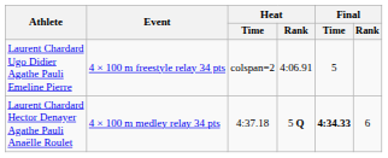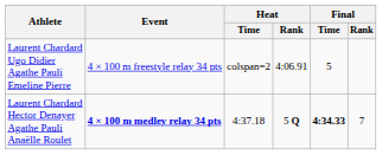 <table class=wikitable style=font-size:90%;text-align:center>
 <tr>
 <th rowspan=2>Athlete</th>
 <th rowspan=2>Event</th>
 <th colspan=2>Heat</th>
 <th colspan=2>Final</th>
 </tr>
 <tr style=font-size:95%>
 <th>Time</th>
 <th>Rank</th>
 <th>Time</th>
 <th>Rank</th>
 </tr>
 <tr align=center>
 <td align=left><a href='#'>Laurent Chardard</a><br><a href='#'>Ugo Didier</a><br><a href='#'>Agathe Pauli</a><br><a href='#'>Emeline Pierre</a></td>
 <td align=left><a href='#'>4 × 100 m freestyle relay 34 pts</a></td>
 <td>colspan=2 </td>
 <td>4:06.91</td>
 <td>5</td>
 </tr>
 <tr align=center>
 <td align=left><a href='#'>Laurent Chardard</a><br><a href='#'>Hector Denayer</a><br><a href='#'>Agathe Pauli</a><br><a href='#'>Anaëlle Roulet</a></td>
-<td align=left><a href='#'>4 × 100 m medley relay 34 pts</a></td>
+<td align=left><strong><a href='#'>4 × 100 m medley relay 34 pts</a></strong></td>
 <td>4:37.18</td>
 <td>5 <strong>Q</strong></td>
 <td><strong>4:34.33</strong></td>
-<td>6</td>
+<td>7</td>
 </tr>
 </table>
